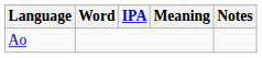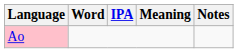 <table class=wikitable>
 <tr>
 <th>Language</th>
 <th>Word</th>
 <th><a href='#'>IPA</a></th>
 <th>Meaning</th>
 <th>Notes</th>
 </tr>
 <tr>
-<td><a href='#'>Ao</a></td>
+<td style="background: pink;"><a href='#'>Ao</a></td>
 <td colspan=3></td>
 <td></td>
 </tr>
 </table>
